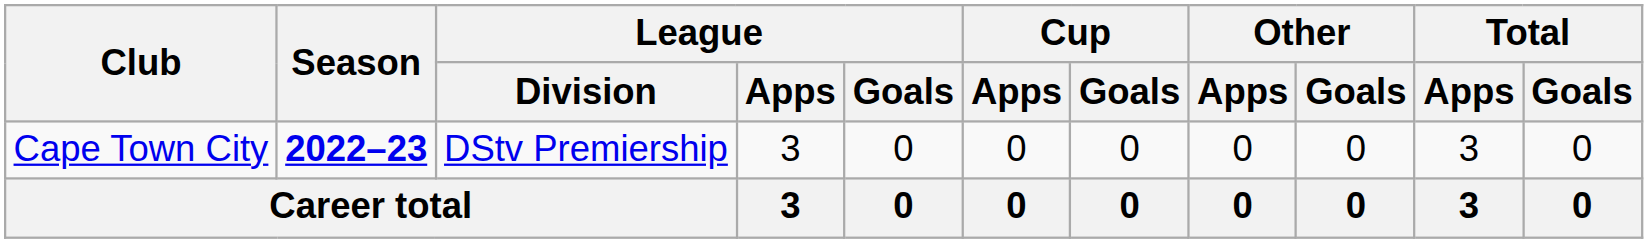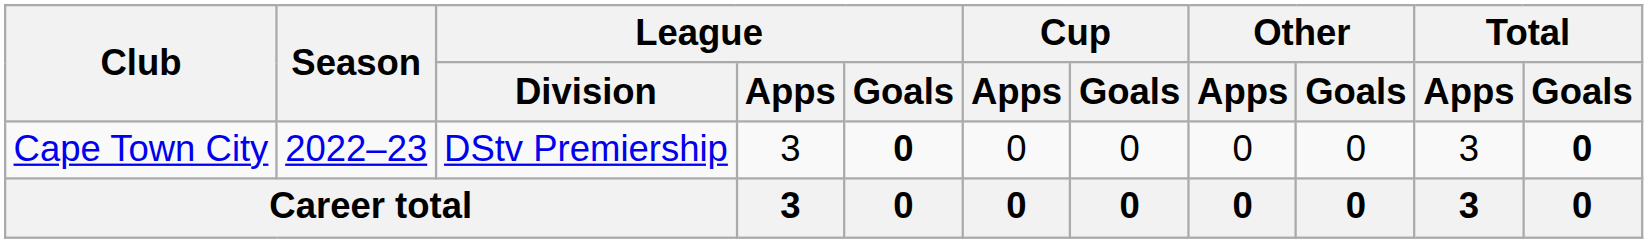 <table class=wikitable style=text-align:center>
 <tr>
 <th rowspan="2">Club</th>
 <th rowspan="2">Season</th>
 <th colspan="3">League</th>
 <th colspan="2">Cup</th>
 <th colspan="2">Other</th>
 <th colspan="2">Total</th>
 </tr>
 <tr>
 <th>Division</th>
 <th>Apps</th>
 <th>Goals</th>
 <th>Apps</th>
 <th>Goals</th>
 <th>Apps</th>
 <th>Goals</th>
 <th>Apps</th>
 <th>Goals</th>
 </tr>
 <tr>
 <td><a href='#'>Cape Town City</a></td>
-<td><strong><a href='#'>2022–23</a></strong></td>
+<td><a href='#'>2022–23</a></td>
 <td><a href='#'>DStv Premiership</a></td>
 <td>3</td>
-<td>0</td>
+<td><strong>0</strong></td>
 <td>0</td>
 <td>0</td>
 <td>0</td>
 <td>0</td>
 <td>3</td>
-<td>0</td>
+<td><strong>0</strong></td>
 </tr>
 <tr>
 <th colspan="3">Career total</th>
 <th>3</th>
 <th>0</th>
 <th>0</th>
 <th>0</th>
 <th>0</th>
 <th>0</th>
 <th>3</th>
 <th>0</th>
 </tr>
 </table>
